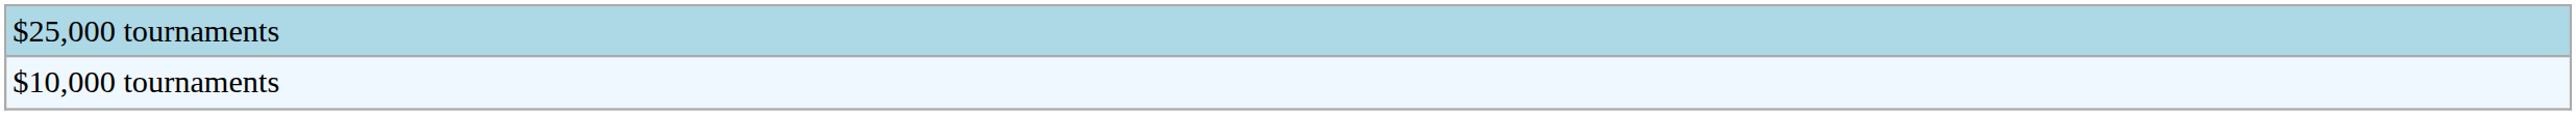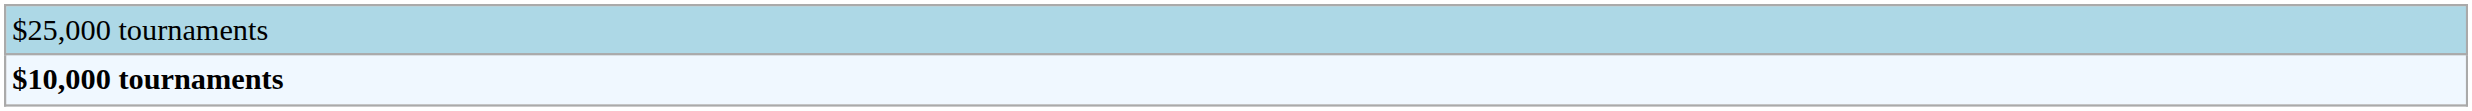 <table class="wikitable"  style="font-size:85%; width:125%;">
 <tr style="background:lightblue;">
 <td>$25,000 tournaments</td>
 </tr>
 <tr style="background:#f0f8ff;">
-<td>$10,000 tournaments</td>
+<td><strong>$10,000 tournaments</strong></td>
 </tr>
 </table>
